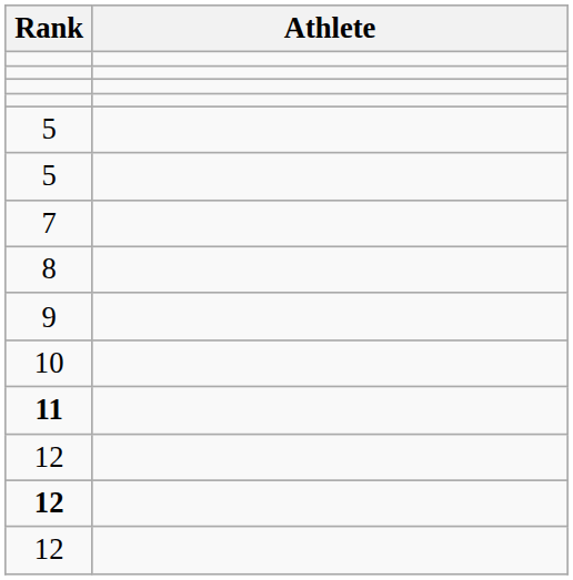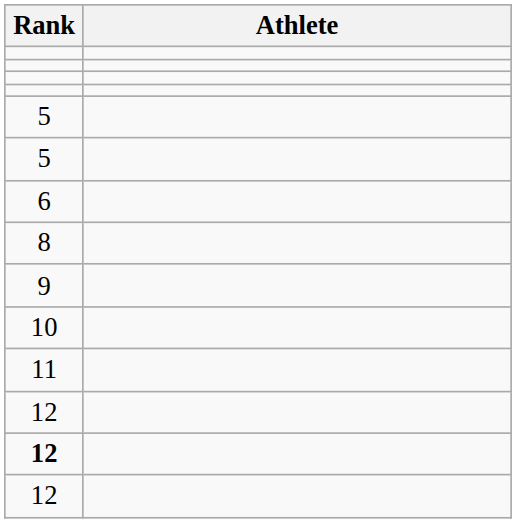 <table class="wikitable" style="text-align: center;">
 <tr>
 <th width=40>Rank</th>
 <th width=250>Athlete</th>
 </tr>
 <tr>
 <td></td>
 <td align=left></td>
 </tr>
 <tr>
 <td></td>
 <td align=left></td>
 </tr>
 <tr>
 <td></td>
 <td align=left></td>
 </tr>
 <tr>
 <td></td>
 <td align=left></td>
 </tr>
 <tr>
 <td>5</td>
 <td align=left></td>
 </tr>
 <tr>
 <td>5</td>
 <td align=left></td>
 </tr>
 <tr>
-<td>7</td>
+<td>6</td>
 <td align=left></td>
 </tr>
 <tr>
 <td>8</td>
 <td align=left></td>
 </tr>
 <tr>
 <td>9</td>
 <td align=left></td>
 </tr>
 <tr>
 <td>10</td>
 <td align=left></td>
 </tr>
 <tr>
-<td><strong>11</strong></td>
+<td>11</td>
 <td align=left></td>
 </tr>
 <tr>
 <td>12</td>
 <td align=left></td>
 </tr>
 <tr>
 <td><strong>12</strong></td>
 <td align=left></td>
 </tr>
 <tr>
 <td>12</td>
 <td align=left></td>
 </tr>
 </table>
